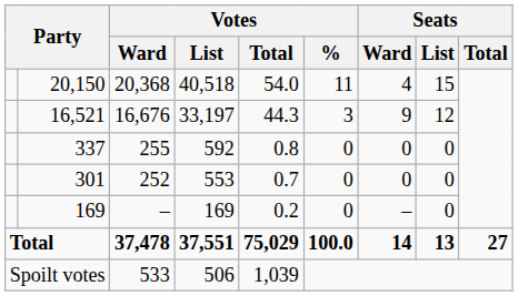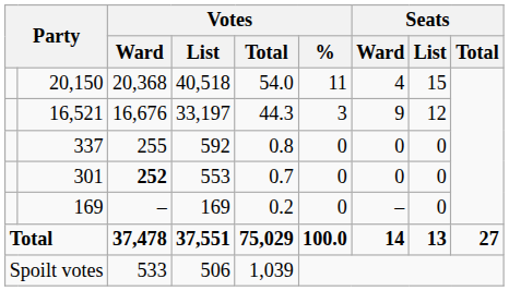 <table class=wikitable style="text-align:right">
 <tr>
 <th rowspan="2" colspan="2">Party</th>
 <th colspan="4" align="center">Votes</th>
 <th colspan="3" align="center">Seats</th>
 </tr>
 <tr>
 <th>Ward</th>
 <th>List</th>
 <th>Total</th>
 <th>%</th>
 <th>Ward</th>
 <th>List</th>
 <th>Total</th>
 </tr>
 <tr>
 <td></td>
 <td>20,150</td>
 <td>20,368</td>
 <td>40,518</td>
 <td>54.0</td>
 <td>11</td>
 <td>4</td>
 <td>15</td>
 </tr>
 <tr>
 <td></td>
 <td>16,521</td>
 <td>16,676</td>
 <td>33,197</td>
 <td>44.3</td>
 <td>3</td>
 <td>9</td>
 <td>12</td>
 </tr>
 <tr>
 <td></td>
 <td>337</td>
 <td>255</td>
 <td>592</td>
 <td>0.8</td>
 <td>0</td>
 <td>0</td>
 <td>0</td>
 </tr>
 <tr>
 <td></td>
 <td>301</td>
-<td>252</td>
+<td><strong>252</strong></td>
 <td>553</td>
 <td>0.7</td>
 <td>0</td>
 <td>0</td>
 <td>0</td>
 </tr>
 <tr>
 <td></td>
 <td>169</td>
 <td>–</td>
 <td>169</td>
 <td>0.2</td>
 <td>0</td>
 <td>–</td>
 <td>0</td>
 </tr>
 <tr>
 <td colspan="2" style="text-align:left"><strong>Total</strong></td>
 <td><strong>37,478</strong></td>
 <td><strong>37,551</strong></td>
 <td><strong>75,029</strong></td>
 <td><strong>100.0</strong></td>
 <td><strong>14</strong></td>
 <td><strong>13</strong></td>
 <td><strong>27</strong></td>
 </tr>
 <tr>
 <td colspan="2" style="text-align:left">Spoilt votes</td>
 <td>533</td>
 <td>506</td>
 <td>1,039</td>
 </tr>
 </table>
